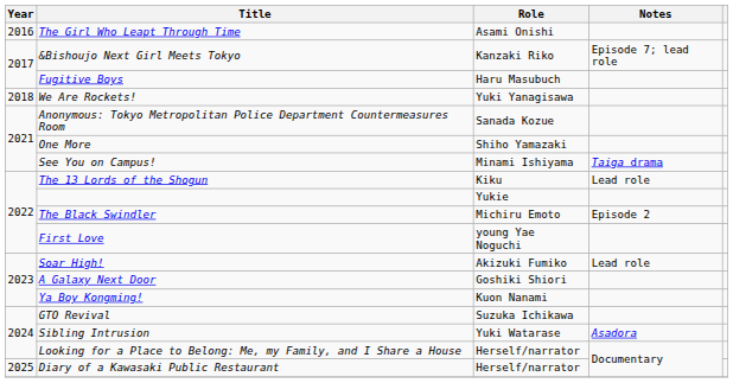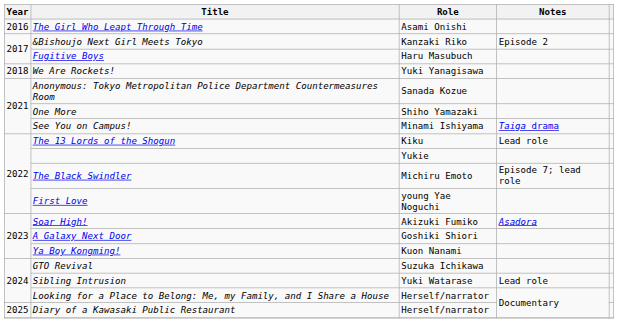 <table class="wikitable plainrowheaders sortable">
 <tr>
 <th>Year</th>
 <th>Title</th>
 <th>Role</th>
 <th class="unsortable">Notes</th>
 <th class="unsortable"></th>
 </tr>
 <tr>
 <td>2016</td>
 <td><em><a href='#'>The Girl Who Leapt Through Time</a></em></td>
 <td>Asami Onishi</td>
 <td></td>
 <td></td>
 </tr>
 <tr>
 <td rowspan="2">2017</td>
 <td><em>&Bishoujo Next Girl Meets Tokyo</em></td>
 <td>Kanzaki Riko</td>
-<td>Episode 7; lead role</td>
+<td>Episode 2</td>
 <td></td>
 </tr>
 <tr>
 <td><em><a href='#'>Fugitive Boys</a></em></td>
 <td>Haru Masubuch</td>
 <td></td>
 <td></td>
 </tr>
 <tr>
 <td>2018</td>
 <td><em>We Are Rockets!</em></td>
 <td>Yuki Yanagisawa</td>
 <td></td>
 <td></td>
 </tr>
 <tr>
 <td rowspan="3">2021</td>
 <td><em>Anonymous: Tokyo Metropolitan Police Department Countermeasures Room</em></td>
 <td>Sanada Kozue</td>
 <td></td>
 <td></td>
 </tr>
 <tr>
 <td><em>One More</em></td>
 <td>Shiho Yamazaki</td>
 <td></td>
 <td></td>
 </tr>
 <tr>
 <td><em>See You on Campus!</em></td>
 <td>Minami Ishiyama</td>
 <td><a href='#'><em>Taiga</em> drama</a></td>
 <td></td>
 </tr>
 <tr>
 <td rowspan="4">2022</td>
 <td><em><a href='#'>The 13 Lords of the Shogun</a></em></td>
 <td>Kiku</td>
 <td>Lead role</td>
 <td></td>
 </tr>
 <tr>
 <td><em></em></td>
 <td>Yukie</td>
 <td></td>
 <td></td>
 </tr>
 <tr>
 <td><em><a href='#'>The Black Swindler</a></em></td>
 <td>Michiru Emoto</td>
-<td>Episode 2</td>
+<td>Episode 7; lead role</td>
 <td></td>
 </tr>
 <tr>
 <td><em><a href='#'>First Love</a></em></td>
 <td>young Yae Noguchi</td>
 <td></td>
 <td></td>
 </tr>
 <tr>
 <td rowspan="3">2023</td>
 <td><em><a href='#'>Soar High!</a></em></td>
 <td>Akizuki Fumiko</td>
-<td>Lead role</td>
+<td><em><a href='#'>Asadora</a></em></td>
 <td></td>
 </tr>
 <tr>
 <td><em><a href='#'>A Galaxy Next Door</a></em></td>
 <td>Goshiki Shiori</td>
 <td></td>
 <td></td>
 </tr>
 <tr>
 <td><em><a href='#'>Ya Boy Kongming!</a></em></td>
 <td>Kuon Nanami</td>
 <td></td>
 <td></td>
 </tr>
 <tr>
 <td rowspan="3">2024</td>
 <td><em>GTO Revival</em></td>
 <td>Suzuka Ichikawa</td>
 <td></td>
 <td></td>
 </tr>
 <tr>
 <td><em>Sibling Intrusion</em></td>
 <td>Yuki Watarase</td>
-<td><em><a href='#'>Asadora</a></em></td>
+<td>Lead role</td>
 <td></td>
 </tr>
 <tr>
 <td><em>Looking for a Place to Belong: Me, my Family, and I Share a House</em></td>
 <td>Herself/narrator</td>
 <td rowspan="2">Documentary</td>
 <td></td>
 </tr>
 <tr>
 <td>2025</td>
 <td><em>Diary of a Kawasaki Public Restaurant</em></td>
 <td>Herself/narrator</td>
 <td></td>
 </tr>
 <tr>
 </tr>
 </table>
